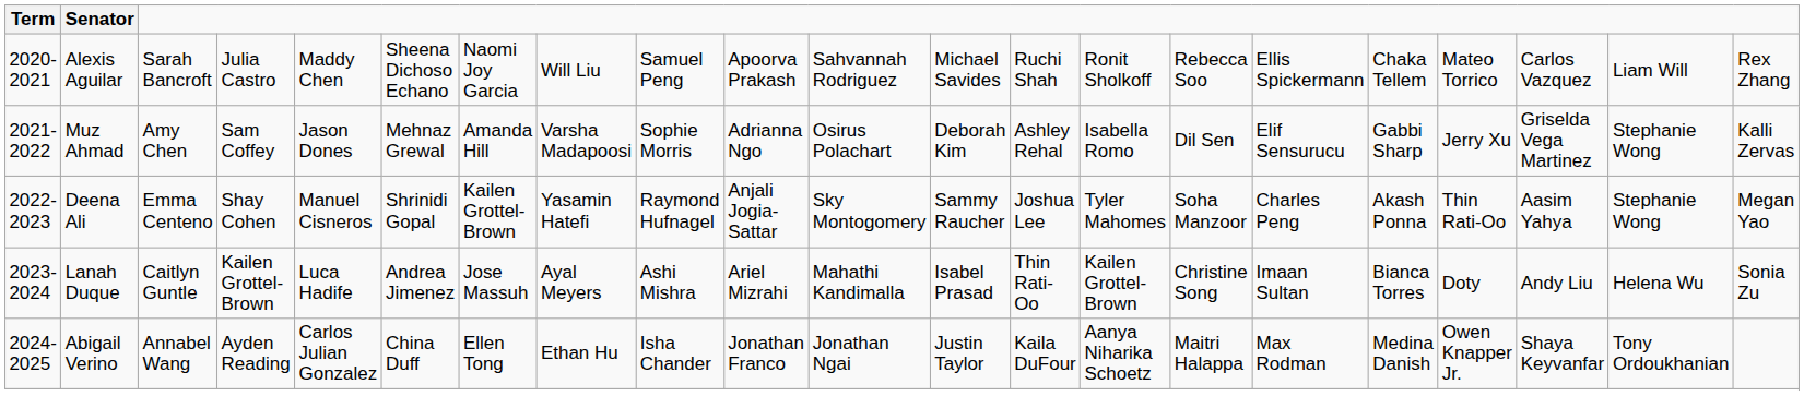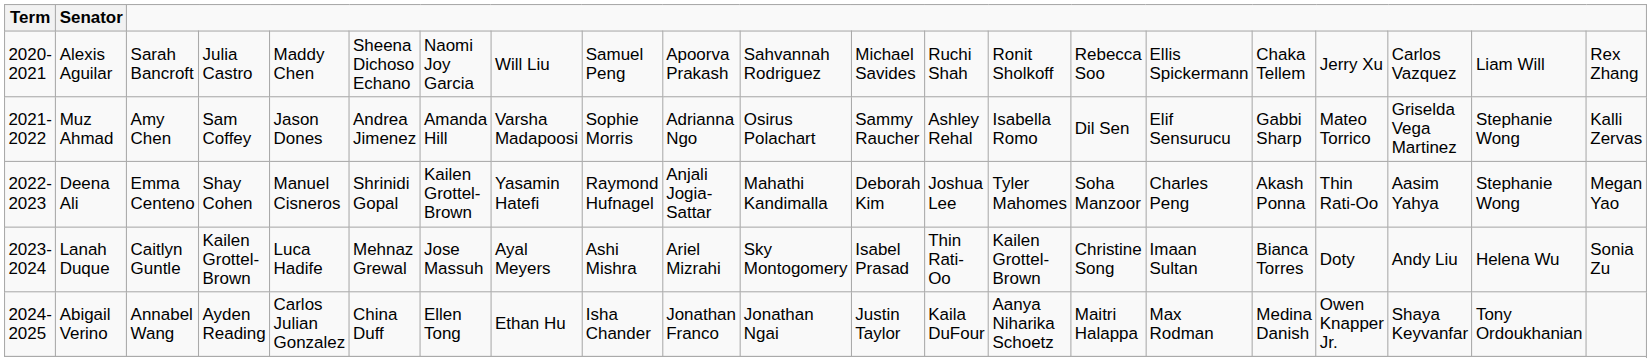 <table class="wikitable">
 <tr>
 <th>Term</th>
 <th>Senator</th>
 </tr>
 <tr>
 <td>2020-2021 </td>
 <td>Alexis Aguilar</td>
 <td>Sarah Bancroft</td>
 <td>Julia Castro</td>
 <td>Maddy Chen</td>
 <td>Sheena Dichoso Echano</td>
 <td>Naomi Joy Garcia</td>
 <td>Will Liu</td>
 <td>Samuel Peng</td>
 <td>Apoorva Prakash</td>
 <td>Sahvannah Rodriguez</td>
 <td>Michael Savides</td>
 <td>Ruchi Shah</td>
 <td>Ronit Sholkoff</td>
 <td>Rebecca Soo</td>
 <td>Ellis Spickermann</td>
 <td>Chaka Tellem</td>
-<td>Mateo Torrico</td>
+<td>Jerry Xu</td>
 <td>Carlos Vazquez</td>
 <td>Liam Will</td>
 <td>Rex Zhang</td>
 </tr>
 <tr>
 <td>2021-2022 </td>
 <td>Muz Ahmad</td>
 <td>Amy Chen</td>
 <td>Sam Coffey</td>
 <td>Jason Dones</td>
-<td>Mehnaz Grewal</td>
+<td>Andrea Jimenez</td>
 <td>Amanda Hill</td>
 <td>Varsha Madapoosi</td>
 <td>Sophie Morris</td>
 <td>Adrianna Ngo</td>
 <td>Osirus Polachart</td>
-<td>Deborah Kim</td>
+<td>Sammy Raucher</td>
 <td>Ashley Rehal</td>
 <td>Isabella Romo</td>
 <td>Dil Sen</td>
 <td>Elif Sensurucu</td>
 <td>Gabbi Sharp</td>
-<td>Jerry Xu</td>
+<td>Mateo Torrico</td>
 <td>Griselda Vega Martinez</td>
 <td>Stephanie Wong</td>
 <td>Kalli Zervas</td>
 </tr>
 <tr>
 <td>2022-2023 </td>
 <td>Deena Ali</td>
 <td>Emma Centeno</td>
 <td>Shay Cohen</td>
 <td>Manuel Cisneros</td>
 <td>Shrinidi Gopal</td>
 <td>Kailen Grottel-Brown</td>
 <td>Yasamin Hatefi</td>
 <td>Raymond Hufnagel</td>
 <td>Anjali Jogia-Sattar</td>
-<td>Sky Montogomery</td>
-<td>Sammy Raucher</td>
+<td>Mahathi Kandimalla</td>
+<td>Deborah Kim</td>
 <td>Joshua Lee</td>
 <td>Tyler Mahomes</td>
 <td>Soha Manzoor</td>
 <td>Charles Peng</td>
 <td>Akash Ponna</td>
 <td>Thin Rati-Oo</td>
 <td>Aasim Yahya</td>
 <td>Stephanie Wong</td>
 <td>Megan Yao</td>
 </tr>
 <tr>
 <td>2023-2024 </td>
 <td>Lanah Duque</td>
 <td>Caitlyn Guntle</td>
 <td>Kailen Grottel-Brown</td>
 <td>Luca Hadife</td>
-<td>Andrea Jimenez</td>
+<td>Mehnaz Grewal</td>
 <td>Jose Massuh</td>
 <td>Ayal Meyers</td>
 <td>Ashi Mishra</td>
 <td>Ariel Mizrahi</td>
-<td>Mahathi Kandimalla</td>
+<td>Sky Montogomery</td>
 <td>Isabel Prasad</td>
 <td>Thin Rati-Oo</td>
 <td>Kailen Grottel-Brown</td>
 <td>Christine Song</td>
 <td>Imaan Sultan</td>
 <td>Bianca Torres</td>
 <td>Doty</td>
 <td>Andy Liu</td>
 <td>Helena Wu</td>
 <td>Sonia Zu</td>
 </tr>
 <tr>
 <td>2024-2025 </td>
 <td>Abigail Verino</td>
 <td>Annabel Wang</td>
 <td>Ayden Reading</td>
 <td>Carlos Julian Gonzalez</td>
 <td>China Duff</td>
 <td>Ellen Tong</td>
 <td>Ethan Hu</td>
 <td>Isha Chander</td>
 <td>Jonathan Franco</td>
 <td>Jonathan Ngai</td>
 <td>Justin Taylor</td>
 <td>Kaila DuFour</td>
 <td>Aanya Niharika Schoetz</td>
 <td>Maitri Halappa</td>
 <td>Max Rodman</td>
 <td>Medina Danish</td>
 <td>Owen Knapper Jr.</td>
 <td>Shaya Keyvanfar</td>
 <td>Tony Ordoukhanian</td>
 </tr>
 <tr>
 </tr>
 </table>
